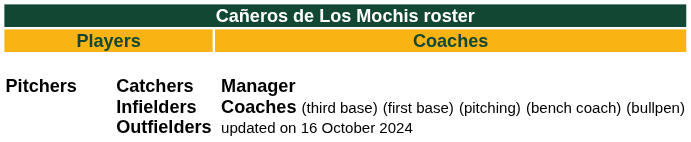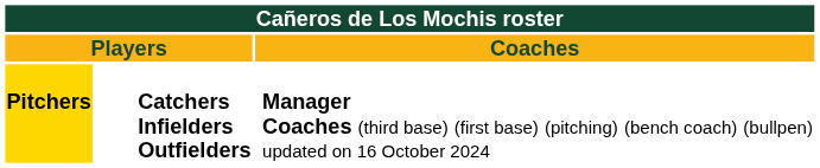 <table class="toccolours" style="font-size: 95%;">
 <tr>
 <th colspan="10" style="background-color: #124734; color:#FFFFFF; text-align: center;"><strong>Cañeros de Los Mochis roster</strong></th>
 </tr>
 <tr>
 <td colspan="3" style="background-color: #F9B313; color: #124734; text-align: center;"><strong>Players</strong></td>
 <td colspan="2" style="background-color: #F9B313; color: #124734; text-align: center;"><strong>Coaches</strong></td>
 </tr>
 <tr>
-<td style="vertical-align:top;text-align:left;"><br><strong>Pitchers</strong>              </td>
+<td style="background: gold; vertical-align:top;text-align:left;"><br><strong>Pitchers</strong>              </td>
 <td width="25px"></td>
 <td style="vertical-align:top;text-align:left;"><br><strong>Catchers</strong>   <br><strong>Infielders</strong>       <br><strong>Outfielders</strong>       </td>
 <td style="vertical-align:top;text-align:left;"></td>
 <td style="vertical-align:top;text-align:left;"><br><strong>Manager</strong> <br><strong>Coaches</strong>  <small>(third base)</small>  <small>(first base)</small>  <small>(pitching)</small>  <small>(bench coach)</small>  <small>(bullpen)</small><br><small><span></span> updated on 16 October 2024</small></td>
 </tr>
 </table>
